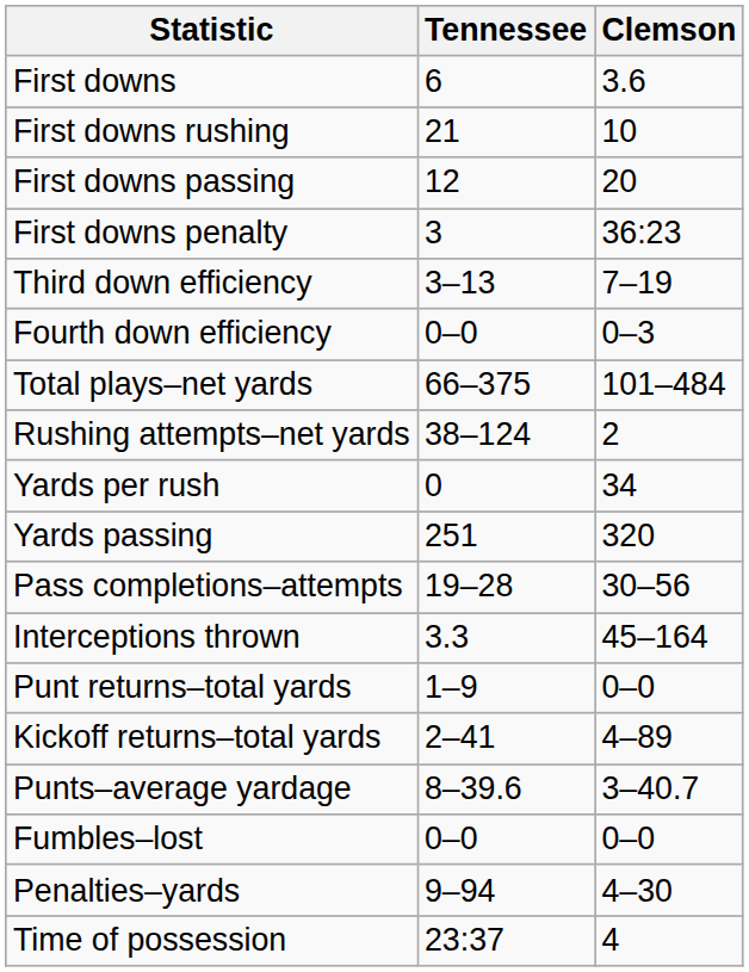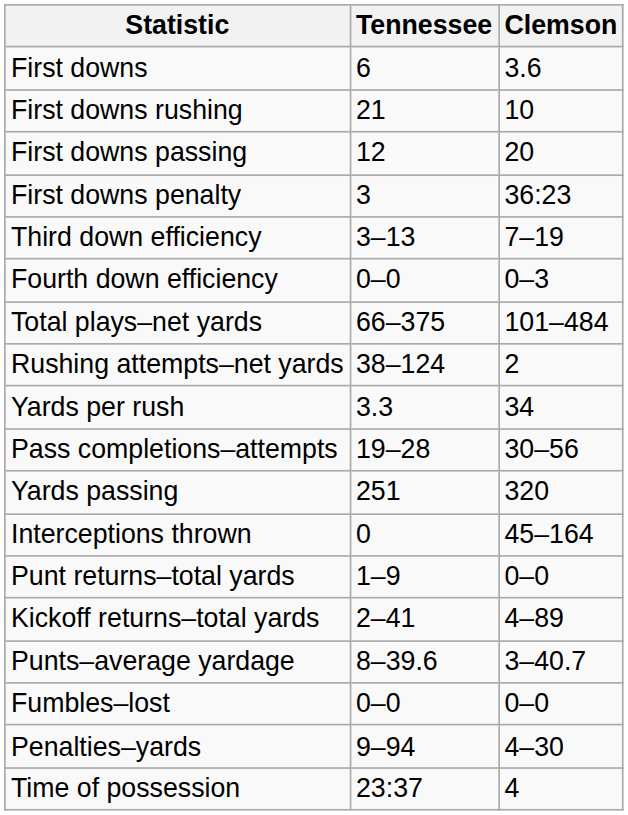 <table class="wikitable">
 <tr>
 <th>Statistic</th>
 <th><strong>Tennessee</strong></th>
 <th><strong>Clemson</strong></th>
 </tr>
 <tr>
 <td>First downs</td>
 <td>6</td>
 <td>3.6</td>
 </tr>
 <tr>
 <td>First downs rushing</td>
 <td>21</td>
 <td>10</td>
 </tr>
 <tr>
 <td>First downs passing</td>
 <td>12</td>
 <td>20</td>
 </tr>
 <tr>
 <td>First downs penalty</td>
 <td>3</td>
 <td>36:23</td>
 </tr>
 <tr>
 <td>Third down efficiency</td>
 <td>3–13</td>
 <td>7–19</td>
 </tr>
 <tr>
 <td>Fourth down efficiency</td>
 <td>0–0</td>
 <td>0–3</td>
 </tr>
 <tr>
 <td>Total plays–net yards</td>
 <td>66–375</td>
 <td>101–484</td>
 </tr>
 <tr>
 <td>Rushing attempts–net yards</td>
 <td>38–124</td>
 <td>2</td>
 </tr>
 <tr>
 <td>Yards per rush</td>
-<td>0</td>
+<td>3.3</td>
 <td>34</td>
+</tr>
+<tr>
+<td>Pass completions–attempts</td>
+<td>19–28</td>
+<td>30–56</td>
 </tr>
 <tr>
 <td>Yards passing</td>
 <td>251</td>
 <td>320</td>
 </tr>
 <tr>
-<td>Pass completions–attempts</td>
-<td>19–28</td>
-<td>30–56</td>
-</tr>
-<tr>
 <td>Interceptions thrown</td>
-<td>3.3</td>
+<td>0</td>
 <td>45–164</td>
 </tr>
 <tr>
 <td>Punt returns–total yards</td>
 <td>1–9</td>
 <td>0–0</td>
 </tr>
 <tr>
 <td>Kickoff returns–total yards</td>
 <td>2–41</td>
 <td>4–89</td>
 </tr>
 <tr>
 <td>Punts–average yardage</td>
 <td>8–39.6</td>
 <td>3–40.7</td>
 </tr>
 <tr>
 <td>Fumbles–lost</td>
 <td>0–0</td>
 <td>0–0</td>
 </tr>
 <tr>
 <td>Penalties–yards</td>
 <td>9–94</td>
 <td>4–30</td>
 </tr>
 <tr>
 <td>Time of possession</td>
 <td>23:37</td>
 <td>4</td>
 </tr>
 </table>
